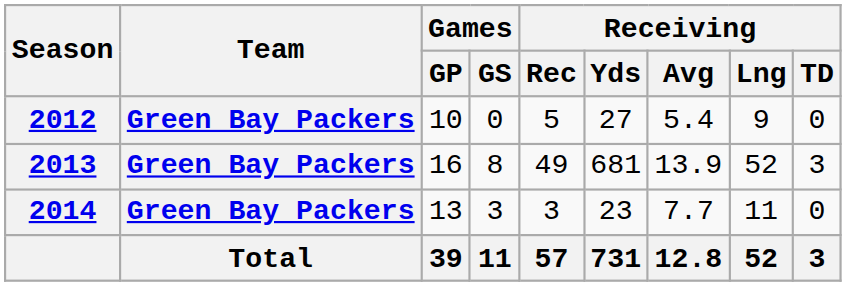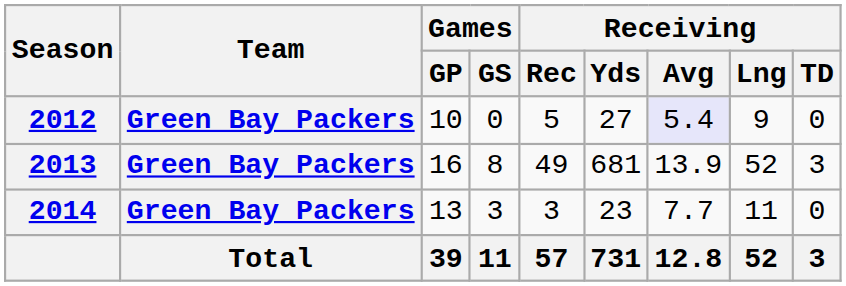 <table class=wikitable style="text-align:center;">
 <tr>
 <th rowspan=2>Season</th>
 <th rowspan=2>Team</th>
 <th colspan=2>Games</th>
 <th colspan=5>Receiving</th>
 </tr>
 <tr>
 <th>GP</th>
 <th>GS</th>
 <th>Rec</th>
 <th>Yds</th>
 <th>Avg</th>
 <th>Lng</th>
 <th>TD</th>
 </tr>
 <tr>
 <th><a href='#'>2012</a></th>
 <th><a href='#'>Green Bay Packers</a></th>
 <td>10</td>
 <td>0</td>
 <td>5</td>
 <td>27</td>
-<td>5.4</td>
+<td style="background: lavender;">5.4</td>
 <td>9</td>
 <td>0</td>
 </tr>
 <tr>
 <th><a href='#'>2013</a></th>
 <th><a href='#'>Green Bay Packers</a></th>
 <td>16</td>
 <td>8</td>
 <td>49</td>
 <td>681</td>
 <td>13.9</td>
 <td>52</td>
 <td>3</td>
 </tr>
 <tr>
 <th><a href='#'>2014</a></th>
 <th><a href='#'>Green Bay Packers</a></th>
 <td>13</td>
 <td>3</td>
 <td>3</td>
 <td>23</td>
 <td>7.7</td>
 <td>11</td>
 <td>0</td>
 </tr>
 <tr>
 <th></th>
 <th>Total</th>
 <th>39</th>
 <th>11</th>
 <th>57</th>
 <th>731</th>
 <th>12.8</th>
 <th>52</th>
 <th>3</th>
 </tr>
 </table>
